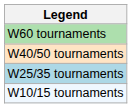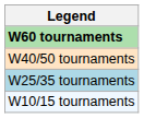 <table class="wikitable" style="font-size:85%;">
 <tr>
 <th>Legend</th>
 </tr>
 <tr style="background:#addfad;">
-<td>W60 tournaments</td>
+<td><strong>W60 tournaments</strong></td>
 </tr>
 <tr style="background:#ffe4c4;">
 <td>W40/50 tournaments</td>
 </tr>
 <tr style="background:lightblue;">
 <td>W25/35 tournaments</td>
 </tr>
 <tr style="background:#f0f8ff;">
 <td>W10/15 tournaments</td>
 </tr>
 </table>
